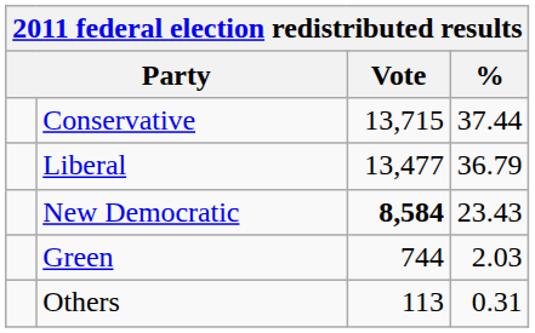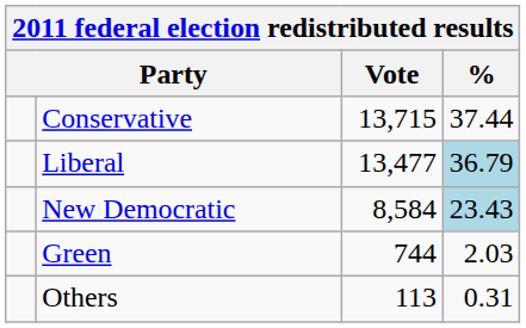 <table class="wikitable">
 <tr>
 <th colspan="4"><a href='#'>2011 federal election</a> redistributed results</th>
 </tr>
 <tr>
 <th bgcolor="#DDDDFF" width="130px" colspan="2">Party</th>
 <th bgcolor="#DDDDFF" width="50px">Vote</th>
 <th bgcolor="#DDDDFF" width="30px">%</th>
 </tr>
 <tr>
 <td> </td>
 <td><a href='#'>Conservative</a></td>
 <td align=right>13,715</td>
 <td align=right>37.44</td>
 </tr>
 <tr>
 <td> </td>
 <td><a href='#'>Liberal</a></td>
 <td align=right>13,477</td>
-<td align=right>36.79</td>
+<td align=right style="background: lightblue;">36.79</td>
 </tr>
 <tr>
 <td> </td>
 <td><a href='#'>New Democratic</a></td>
-<td align=right><strong>8,584</strong></td>
-<td align=right>23.43</td>
+<td align=right>8,584</td>
+<td align=right style="background: lightblue;">23.43</td>
 </tr>
 <tr>
 <td> </td>
 <td><a href='#'>Green</a></td>
 <td align=right>744</td>
 <td align=right>2.03</td>
 </tr>
 <tr>
 <td> </td>
 <td>Others</td>
 <td align=right>113</td>
 <td align=right>0.31</td>
 </tr>
 </table>
